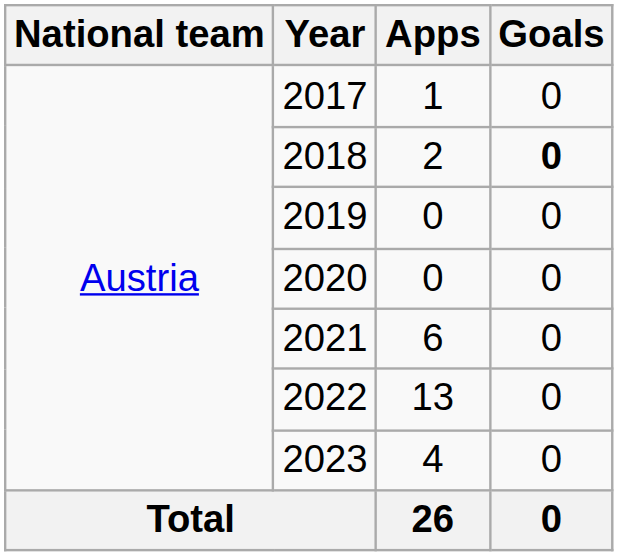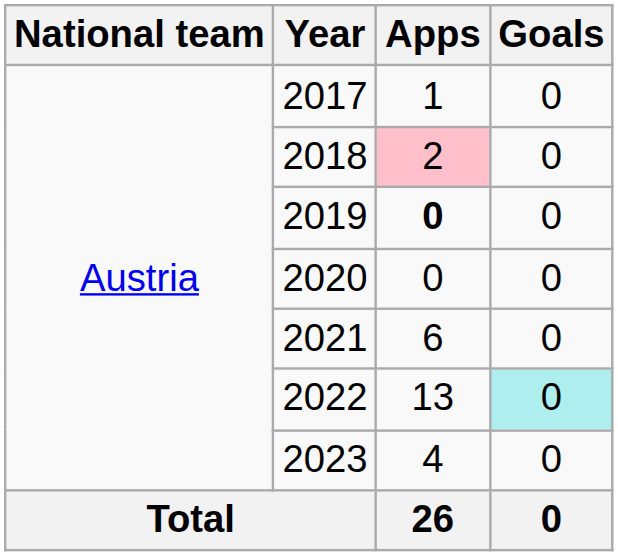 <table class="wikitable" style="text-align:center">
 <tr>
 <th>National team</th>
 <th>Year</th>
 <th>Apps</th>
 <th>Goals</th>
 </tr>
 <tr>
 <td rowspan="7"><a href='#'>Austria</a></td>
 <td>2017</td>
 <td>1</td>
 <td>0</td>
 </tr>
 <tr>
 <td>2018</td>
-<td>2</td>
-<td><strong>0</strong></td>
+<td style="background: pink;">2</td>
+<td>0</td>
 </tr>
 <tr>
 <td>2019</td>
-<td>0</td>
+<td><strong>0</strong></td>
 <td>0</td>
 </tr>
 <tr>
 <td>2020</td>
 <td>0</td>
 <td>0</td>
 </tr>
 <tr>
 <td>2021</td>
 <td>6</td>
 <td>0</td>
 </tr>
 <tr>
 <td>2022</td>
 <td>13</td>
-<td>0</td>
+<td style="background: paleturquoise;">0</td>
 </tr>
 <tr>
 <td>2023</td>
 <td>4</td>
 <td>0</td>
 </tr>
 <tr>
 <th colspan="2">Total</th>
 <th>26</th>
 <th>0</th>
 </tr>
 </table>
